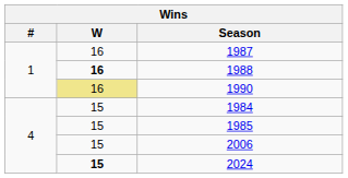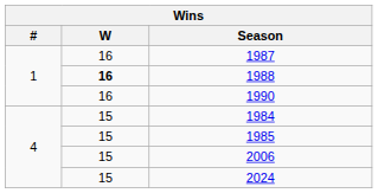 <table class="wikitable" style="text-align: center; font-size: 95%" width="70%">
 <tr>
 <th colspan="3">Wins</th>
 </tr>
 <tr>
 <th>#</th>
 <th>W</th>
 <th>Season</th>
 </tr>
 <tr>
 <td rowspan="3">1</td>
 <td>16</td>
 <td><a href='#'>1987</a></td>
 </tr>
 <tr>
 <td><strong>16</strong></td>
 <td><a href='#'>1988</a></td>
 </tr>
 <tr>
-<td style="background: khaki;">16</td>
+<td>16</td>
 <td><a href='#'>1990</a></td>
 </tr>
 <tr>
 <td rowspan="4">4</td>
 <td>15</td>
 <td><a href='#'>1984</a></td>
 </tr>
 <tr>
 <td>15</td>
 <td><a href='#'>1985</a></td>
 </tr>
 <tr>
 <td>15</td>
 <td><a href='#'>2006</a></td>
 </tr>
 <tr>
-<td><strong>15</strong></td>
+<td>15</td>
 <td><a href='#'>2024</a></td>
 </tr>
 </table>
